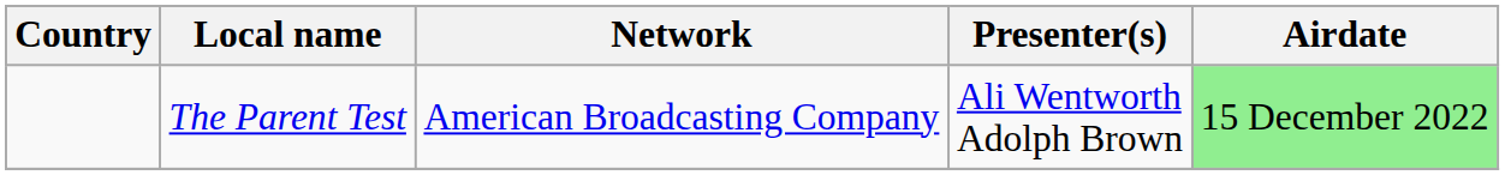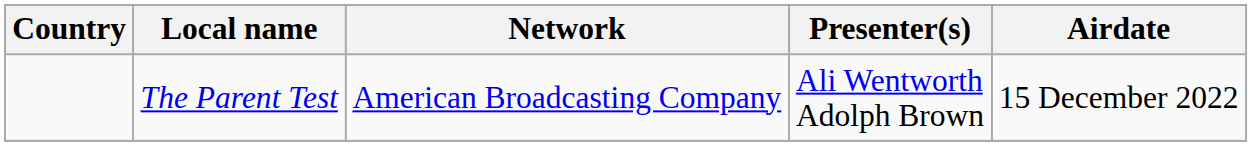 <table class="wikitable">
 <tr>
 <th>Country</th>
 <th>Local name</th>
 <th>Network</th>
 <th>Presenter(s)</th>
 <th>Airdate</th>
 </tr>
 <tr>
 <td></td>
 <td><em><a href='#'>The Parent Test</a></em></td>
 <td><a href='#'>American Broadcasting Company</a></td>
 <td><a href='#'>Ali Wentworth</a><br>Adolph Brown</td>
-<td style="background: lightgreen;">15 December 2022</td>
+<td>15 December 2022</td>
 </tr>
 <tr>
 </tr>
 </table>
